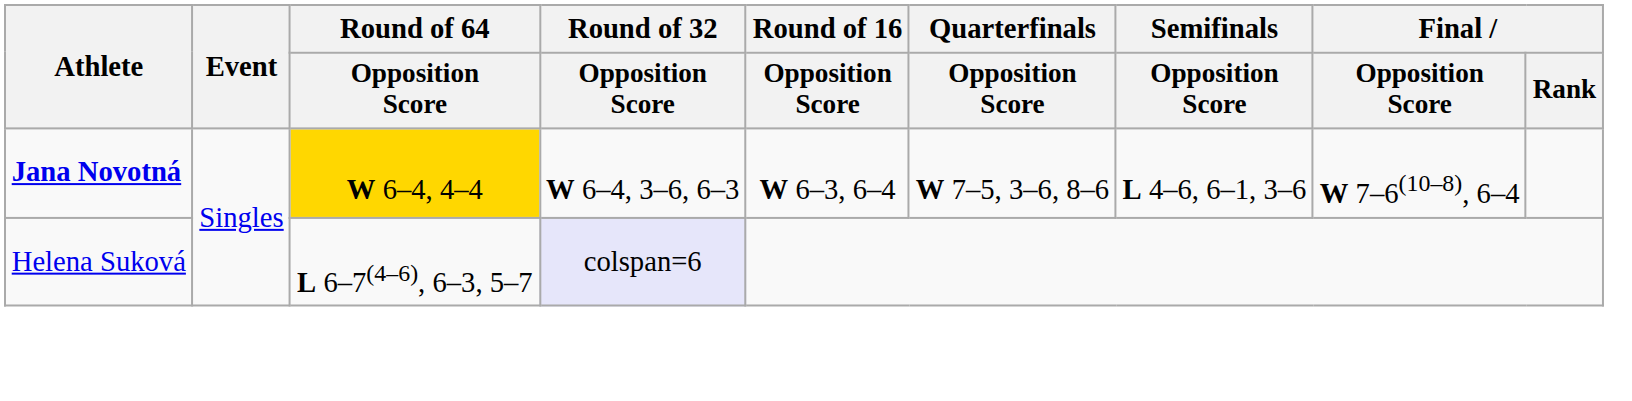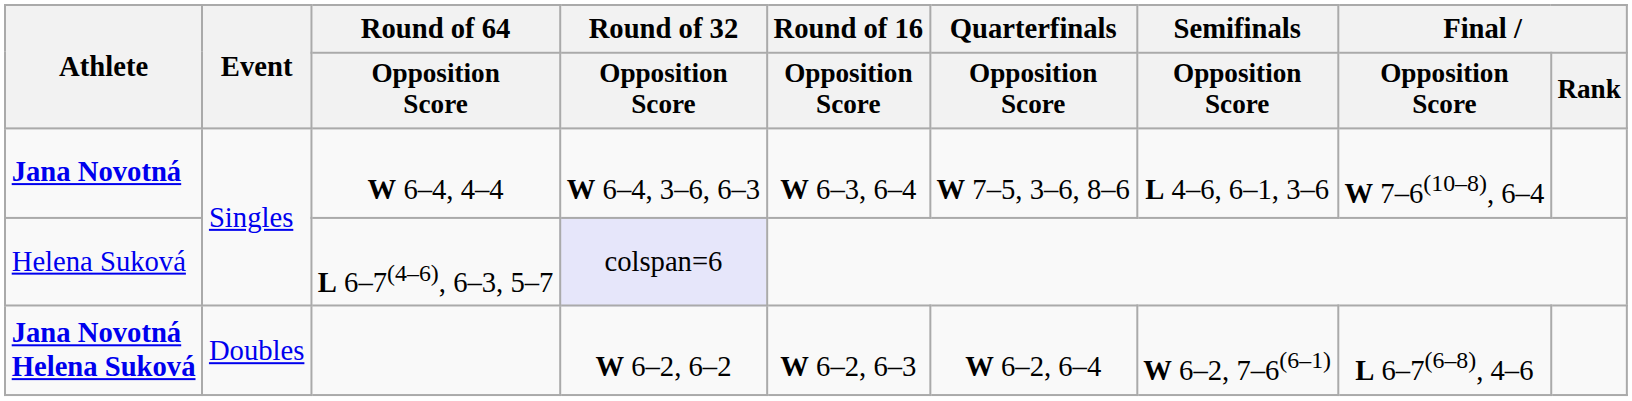 <table class=wikitable style="font-size:90%">
 <tr>
 <th rowspan="2">Athlete</th>
 <th rowspan="2">Event</th>
 <th>Round of 64</th>
 <th>Round of 32</th>
 <th>Round of 16</th>
 <th>Quarterfinals</th>
 <th>Semifinals</th>
 <th colspan=2>Final / </th>
 </tr>
 <tr style="font-size:95%">
 <th>Opposition<br>Score</th>
 <th>Opposition<br>Score</th>
 <th>Opposition<br>Score</th>
 <th>Opposition<br>Score</th>
 <th>Opposition<br>Score</th>
 <th>Opposition<br>Score</th>
 <th>Rank</th>
 </tr>
 <tr align=center>
 <td align=left><strong><a href='#'>Jana Novotná</a></strong></td>
 <td align=left rowspan=2><a href='#'>Singles</a></td>
-<td style="background: gold;"><br><strong>W</strong> 6–4, 4–4 </td>
+<td><br><strong>W</strong> 6–4, 4–4 </td>
 <td><br><strong>W</strong> 6–4, 3–6, 6–3</td>
 <td><br><strong>W</strong> 6–3, 6–4</td>
 <td><br><strong>W</strong> 7–5, 3–6, 8–6</td>
 <td><br><strong>L</strong> 4–6, 6–1, 3–6</td>
 <td><br><strong>W</strong> 7–6<sup>(10–8)</sup>, 6–4</td>
 <td></td>
 </tr>
 <tr align=center>
 <td align=left><a href='#'>Helena Suková</a></td>
 <td><br><strong>L</strong> 6–7<sup>(4–6)</sup>, 6–3, 5–7</td>
 <td style="background: lavender;">colspan=6 </td>
 </tr>
+<tr align=center>
+<td align=left><strong><a href='#'>Jana Novotná</a></strong><br><strong><a href='#'>Helena Suková</a></strong></td>
+<td align=left><a href='#'>Doubles</a></td>
+<td></td>
+<td><br><strong>W</strong> 6–2, 6–2</td>
+<td><br><strong>W</strong> 6–2, 6–3</td>
+<td><br><strong>W</strong> 6–2, 6–4</td>
+<td><br><strong>W</strong> 6–2, 7–6<sup>(6–1)</sup></td>
+<td><br><strong>L</strong> 6–7<sup>(6–8)</sup>, 4–6</td>
+<td></td>
+</tr>
 </table>
